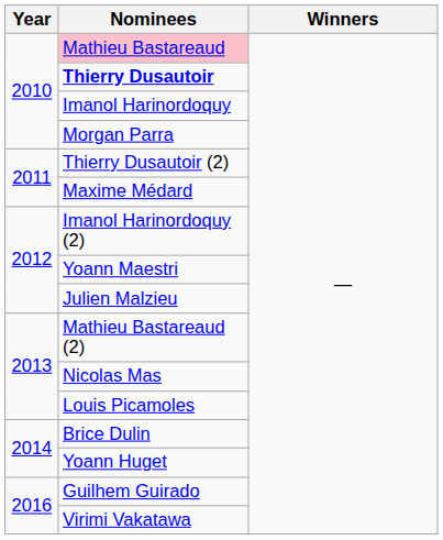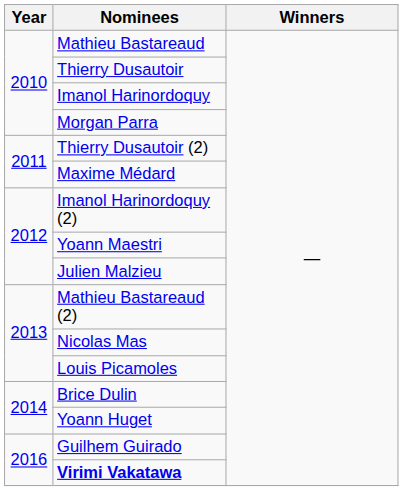 <table class="wikitable">
 <tr>
 <th width=40>Year</th>
 <th width=160>Nominees</th>
 <th width=160>Winners</th>
 </tr>
 <tr>
 <td align=center rowspan=4><a href='#'>2010</a></td>
-<td style="background: pink;"><a href='#'>Mathieu Bastareaud</a></td>
+<td><a href='#'>Mathieu Bastareaud</a></td>
 <td align=center rowspan=16>—</td>
 </tr>
 <tr>
-<td><strong><a href='#'>Thierry Dusautoir</a></strong></td>
+<td><a href='#'>Thierry Dusautoir</a></td>
 </tr>
 <tr>
 <td><a href='#'>Imanol Harinordoquy</a></td>
 </tr>
 <tr>
 <td><a href='#'>Morgan Parra</a></td>
 </tr>
 <tr>
 <td align=center rowspan=2><a href='#'>2011</a></td>
 <td><a href='#'>Thierry Dusautoir</a> (2)</td>
 </tr>
 <tr>
 <td><a href='#'>Maxime Médard</a></td>
 </tr>
 <tr>
 <td align=center rowspan=3><a href='#'>2012</a></td>
 <td><a href='#'>Imanol Harinordoquy</a> (2)</td>
 </tr>
 <tr>
 <td><a href='#'>Yoann Maestri</a></td>
 </tr>
 <tr>
 <td><a href='#'>Julien Malzieu</a></td>
 </tr>
 <tr>
 <td align=center rowspan=3><a href='#'>2013</a></td>
 <td><a href='#'>Mathieu Bastareaud</a> (2)</td>
 </tr>
 <tr>
 <td><a href='#'>Nicolas Mas</a></td>
 </tr>
 <tr>
 <td><a href='#'>Louis Picamoles</a></td>
 </tr>
 <tr>
 <td align=center rowspan=2><a href='#'>2014</a></td>
 <td><a href='#'>Brice Dulin</a></td>
 </tr>
 <tr>
 <td><a href='#'>Yoann Huget</a></td>
 </tr>
 <tr>
 <td align=center rowspan=2><a href='#'>2016</a></td>
 <td><a href='#'>Guilhem Guirado</a></td>
 </tr>
 <tr>
-<td><a href='#'>Virimi Vakatawa</a></td>
+<td><strong><a href='#'>Virimi Vakatawa</a></strong></td>
 </tr>
 <tr>
 </tr>
 </table>
